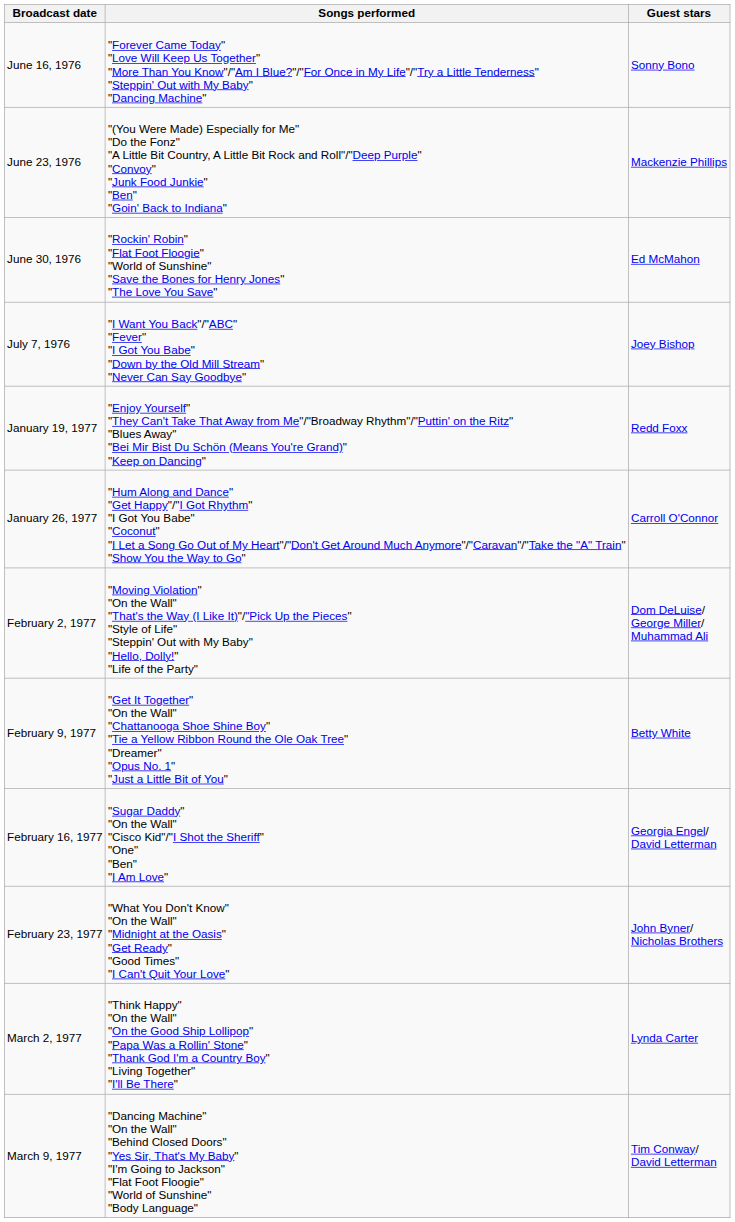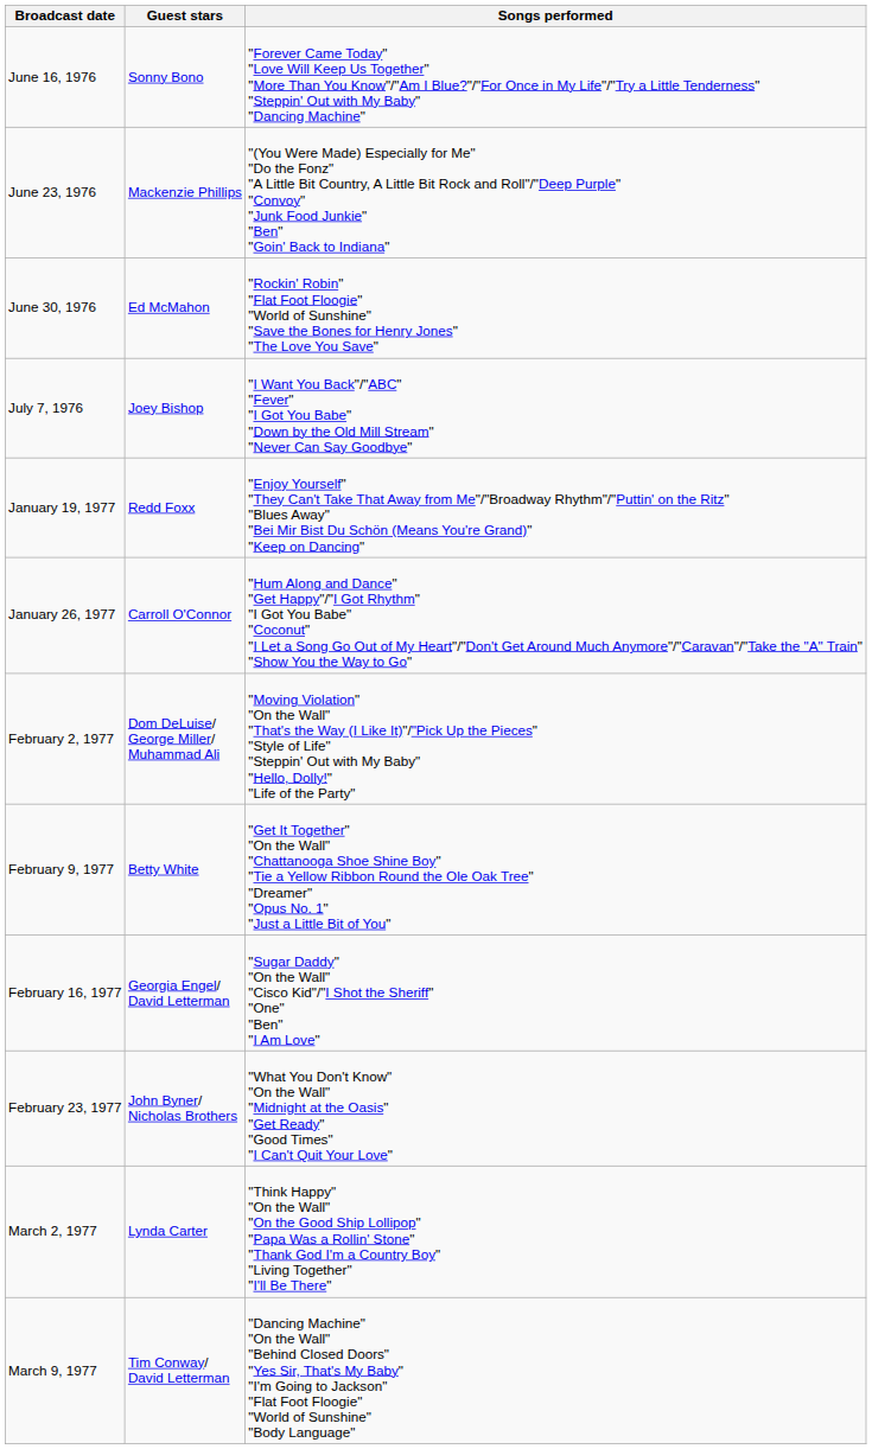 <table class="wikitable">
 <tr valign="top">
 <th>Broadcast date</th>
+<th>Guest stars</th>
 <th>Songs performed</th>
-<th>Guest stars</th>
 </tr>
 <tr>
 <td>June 16, 1976</td>
+<td><a href='#'>Sonny Bono</a></td>
 <td><br>"<a href='#'>Forever Came Today</a>"<br> "<a href='#'>Love Will Keep Us Together</a>"<br> "<a href='#'>More Than You Know</a>"/"<a href='#'>Am I Blue?</a>"/"<a href='#'>For Once in My Life</a>"/"<a href='#'>Try a Little Tenderness</a>"<br> "<a href='#'>Steppin' Out with My Baby</a>"<br> "<a href='#'>Dancing Machine</a>"</td>
-<td><a href='#'>Sonny Bono</a></td>
 </tr>
 <tr>
 <td>June 23, 1976</td>
+<td><a href='#'>Mackenzie Phillips</a></td>
 <td><br>"(You Were Made) Especially for Me"<br> "Do the Fonz"<br> "A Little Bit Country, A Little Bit Rock and Roll"/"<a href='#'>Deep Purple</a>"<br> "<a href='#'>Convoy</a>"<br> "<a href='#'>Junk Food Junkie</a>"<br> "<a href='#'>Ben</a>"<br> "<a href='#'>Goin' Back to Indiana</a>"</td>
-<td><a href='#'>Mackenzie Phillips</a></td>
 </tr>
 <tr>
 <td>June 30, 1976</td>
+<td><a href='#'>Ed McMahon</a></td>
 <td><br>"<a href='#'>Rockin' Robin</a>"<br> "<a href='#'>Flat Foot Floogie</a>"<br> "World of Sunshine"<br> "<a href='#'>Save the Bones for Henry Jones</a>"<br> "<a href='#'>The Love You Save</a>"</td>
-<td><a href='#'>Ed McMahon</a></td>
 </tr>
 <tr>
 <td>July 7, 1976</td>
+<td><a href='#'>Joey Bishop</a></td>
 <td><br>"<a href='#'>I Want You Back</a>"/"<a href='#'>ABC</a>"<br> "<a href='#'>Fever</a>"<br> "<a href='#'>I Got You Babe</a>"<br> "<a href='#'>Down by the Old Mill Stream</a>"<br> "<a href='#'>Never Can Say Goodbye</a>"</td>
-<td><a href='#'>Joey Bishop</a></td>
 </tr>
 <tr>
 <td>January 19, 1977</td>
+<td><a href='#'>Redd Foxx</a></td>
 <td><br>"<a href='#'>Enjoy Yourself</a>"<br> "<a href='#'>They Can't Take That Away from Me</a>"/"Broadway Rhythm"/"<a href='#'>Puttin' on the Ritz</a>"<br> "Blues Away"<br> "<a href='#'>Bei Mir Bist Du Schön (Means You're Grand)</a>"<br> "<a href='#'>Keep on Dancing</a>"</td>
-<td><a href='#'>Redd Foxx</a></td>
 </tr>
 <tr>
 <td>January 26, 1977</td>
+<td><a href='#'>Carroll O'Connor</a></td>
 <td><br>"<a href='#'>Hum Along and Dance</a>"<br> "<a href='#'>Get Happy</a>"/"<a href='#'>I Got Rhythm</a>"<br> "I Got You Babe"<br> "<a href='#'>Coconut</a>"<br> "<a href='#'>I Let a Song Go Out of My Heart</a>"/"<a href='#'>Don't Get Around Much Anymore</a>"/"<a href='#'>Caravan</a>"/"<a href='#'>Take the "A" Train</a>"<br> "<a href='#'>Show You the Way to Go</a>"</td>
-<td><a href='#'>Carroll O'Connor</a></td>
 </tr>
 <tr>
 <td>February 2, 1977</td>
+<td><a href='#'>Dom DeLuise</a>/<br><a href='#'>George Miller</a>/<br> <a href='#'>Muhammad Ali</a></td>
 <td><br>"<a href='#'>Moving Violation</a>"<br> "On the Wall" <br> "<a href='#'>That's the Way (I Like It)</a>"/<a href='#'>"Pick Up the Pieces</a>"<br> "Style of Life"<br> "Steppin' Out with My Baby"<br> "<a href='#'>Hello, Dolly!</a>"<br> "Life of the Party"</td>
-<td><a href='#'>Dom DeLuise</a>/<br><a href='#'>George Miller</a>/<br> <a href='#'>Muhammad Ali</a></td>
 </tr>
 <tr>
 <td>February 9, 1977</td>
+<td><a href='#'>Betty White</a></td>
 <td><br>"<a href='#'>Get It Together</a>"<br> "On the Wall"<br> "<a href='#'>Chattanooga Shoe Shine Boy</a>"<br> "<a href='#'>Tie a Yellow Ribbon Round the Ole Oak Tree</a>"<br> "Dreamer"<br> "<a href='#'>Opus No. 1</a>"<br> "<a href='#'>Just a Little Bit of You</a>"</td>
-<td><a href='#'>Betty White</a></td>
 </tr>
 <tr>
 <td>February 16, 1977</td>
+<td><a href='#'>Georgia Engel</a>/<br><a href='#'>David Letterman</a></td>
 <td><br>"<a href='#'>Sugar Daddy</a>"<br> "On the Wall"<br> "Cisco Kid"/"<a href='#'>I Shot the Sheriff</a>"<br> "One"<br> "Ben"<br> "<a href='#'>I Am Love</a>"</td>
-<td><a href='#'>Georgia Engel</a>/<br><a href='#'>David Letterman</a></td>
 </tr>
 <tr>
 <td>February 23, 1977</td>
+<td><a href='#'>John Byner</a>/<br><a href='#'>Nicholas Brothers</a></td>
 <td><br>"What You Don't Know"<br> "On the Wall"<br> "<a href='#'>Midnight at the Oasis</a>"<br> "<a href='#'>Get Ready</a>"<br> "Good Times"<br> "<a href='#'>I Can't Quit Your Love</a>"</td>
-<td><a href='#'>John Byner</a>/<br><a href='#'>Nicholas Brothers</a></td>
 </tr>
 <tr>
 <td>March 2, 1977</td>
+<td><a href='#'>Lynda Carter</a></td>
 <td><br>"Think Happy"<br> "On the Wall"<br> "<a href='#'>On the Good Ship Lollipop</a>"<br> "<a href='#'>Papa Was a Rollin' Stone</a>"<br> "<a href='#'>Thank God I'm a Country Boy</a>"<br> "Living Together"<br> "<a href='#'>I'll Be There</a>"</td>
-<td><a href='#'>Lynda Carter</a></td>
 </tr>
 <tr>
 <td>March 9, 1977</td>
+<td><a href='#'>Tim Conway</a>/<br><a href='#'>David Letterman</a></td>
 <td><br>"Dancing Machine"<br> "On the Wall"<br> "Behind Closed Doors"<br> "<a href='#'>Yes Sir, That's My Baby</a>"<br> "I'm Going to Jackson"<br> "Flat Foot Floogie"<br> "World of Sunshine"<br> "Body Language"</td>
-<td><a href='#'>Tim Conway</a>/<br><a href='#'>David Letterman</a></td>
 </tr>
 </table>
